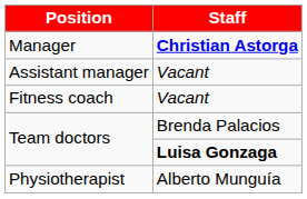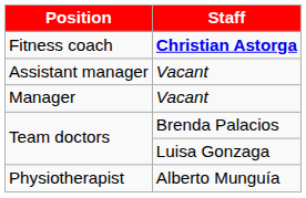 <table class="wikitable">
 <tr>
 <th style=background-color:red;color:white>Position</th>
 <th style=background-color:red;color:white>Staff</th>
 </tr>
 <tr>
-<td>Manager</td>
+<td>Fitness coach</td>
 <td><strong> <a href='#'>Christian Astorga</a></strong></td>
 </tr>
 <tr>
 <td>Assistant manager</td>
 <td><em>Vacant</em></td>
 </tr>
 <tr>
-<td>Fitness coach</td>
+<td>Manager</td>
 <td><em>Vacant</em></td>
 </tr>
 <tr>
 <td rowspan="2">Team doctors</td>
 <td> Brenda Palacios</td>
 </tr>
 <tr>
-<td><strong> Luisa Gonzaga</strong></td>
+<td> Luisa Gonzaga</td>
 </tr>
 <tr>
 <td>Physiotherapist</td>
 <td> Alberto Munguía</td>
 </tr>
 </table>
